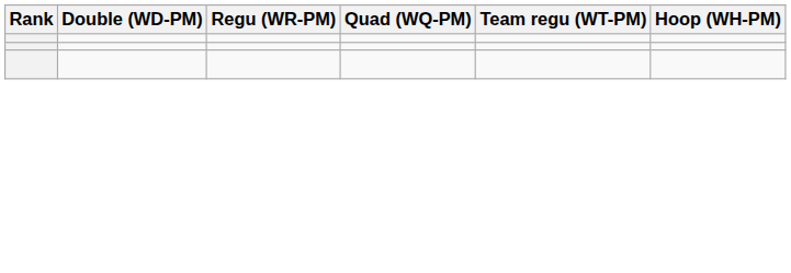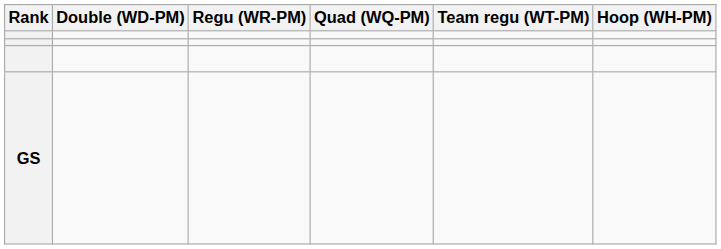 <table class="wikitable" style="font-size: 90%;">
 <tr>
 <th>Rank</th>
 <th>Double (WD-PM)</th>
 <th>Regu (WR-PM)</th>
 <th>Quad (WQ-PM)</th>
 <th>Team regu (WT-PM)</th>
 <th>Hoop (WH-PM)</th>
 </tr>
 <tr>
 <th></th>
 <td></td>
 <td></td>
 <td></td>
 <td></td>
 <td></td>
 </tr>
 <tr>
 <th></th>
 <td></td>
 <td></td>
 <td></td>
 <td></td>
 <td></td>
 </tr>
 <tr>
 <th></th>
 <td><br></td>
 <td><br></td>
 <td><br></td>
 <td><br></td>
 <td><br></td>
 </tr>
+<tr>
+<th>GS</th>
+<td style="vertical-align: top;"><br><br><br><br><br></td>
+<td style="vertical-align: top;"><br><br><br><br><br><br><br></td>
+<td><br><br><br><br><br><br><br><br><br></td>
+<td style="vertical-align: top;"><br><br><br></td>
+<td></td>
+</tr>
 </table>
